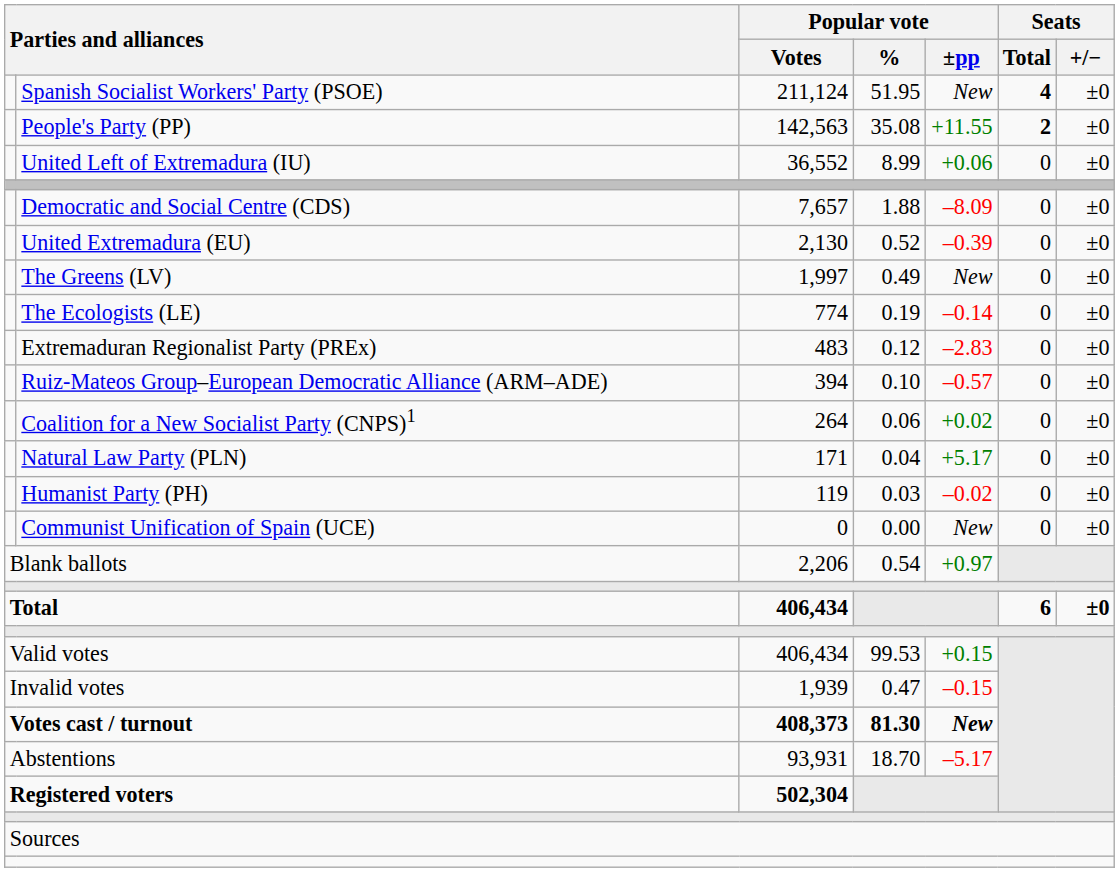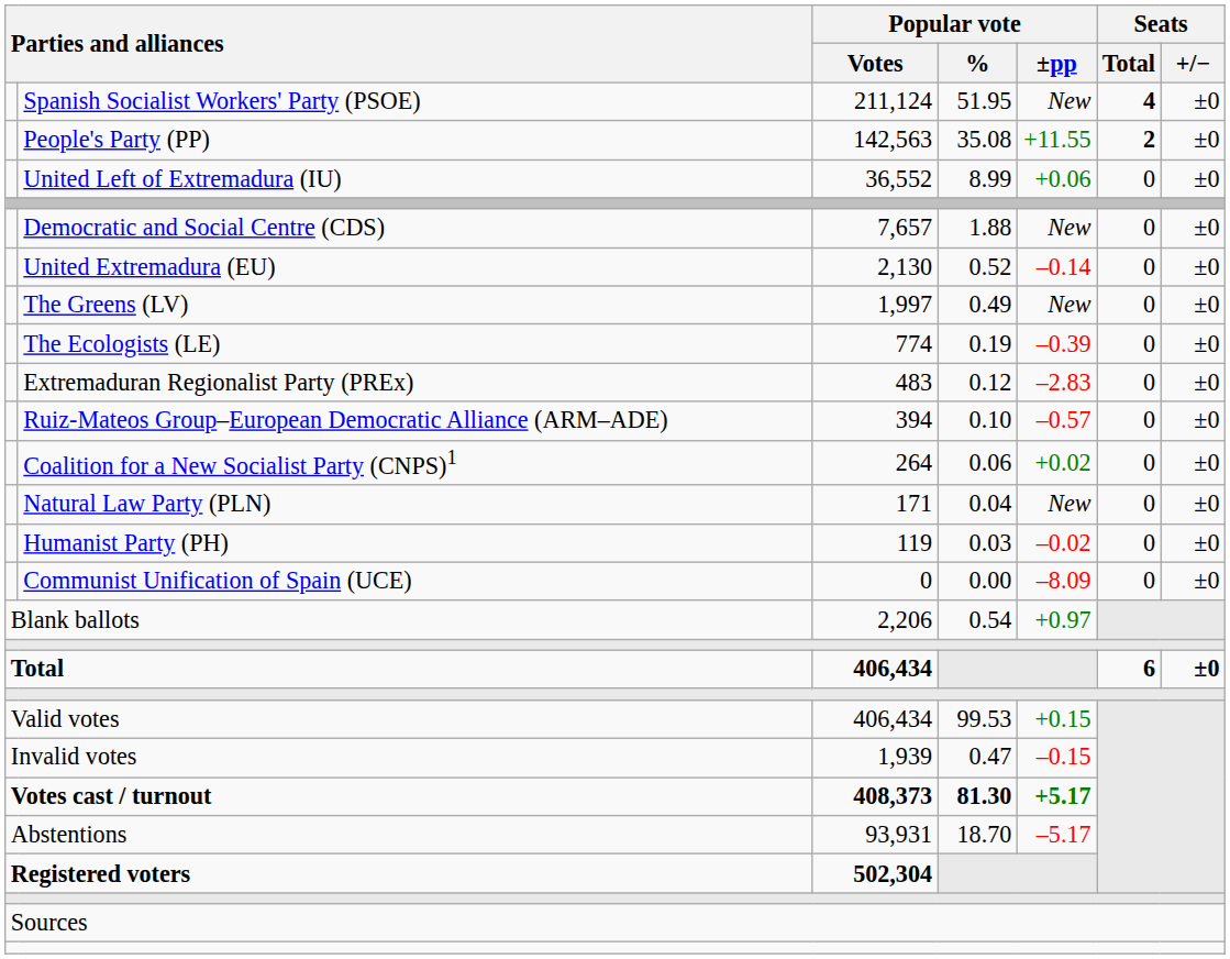 <table class="wikitable" style="text-align:right;">
 <tr>
 <th style="text-align:left;" rowspan="2" colspan="2" width="525">Parties and alliances</th>
 <th colspan="3">Popular vote</th>
 <th colspan="2">Seats</th>
 </tr>
 <tr>
 <th width="75">Votes</th>
 <th width="45">%</th>
 <th width="45">±<a href='#'>pp</a></th>
 <th width="35">Total</th>
 <th width="35">+/−</th>
 </tr>
 <tr>
 <td width="1" style="color:inherit;background:"></td>
 <td align="left"><a href='#'>Spanish Socialist Workers' Party</a> (PSOE)</td>
 <td>211,124</td>
 <td>51.95</td>
 <td><em>New</em></td>
 <td><strong>4</strong></td>
 <td>±0</td>
 </tr>
 <tr>
 <td style="color:inherit;background:"></td>
 <td align="left"><a href='#'>People's Party</a> (PP)</td>
 <td>142,563</td>
 <td>35.08</td>
 <td style="color:green;">+11.55</td>
 <td><strong>2</strong></td>
 <td>±0</td>
 </tr>
 <tr>
 <td style="color:inherit;background:"></td>
 <td align="left"><a href='#'>United Left of Extremadura</a> (IU)</td>
 <td>36,552</td>
 <td>8.99</td>
 <td style="color:green;">+0.06</td>
 <td>0</td>
 <td>±0</td>
 </tr>
 <tr>
 <td colspan="7" bgcolor="#C0C0C0"></td>
 </tr>
 <tr>
 <td style="color:inherit;background:"></td>
 <td align="left"><a href='#'>Democratic and Social Centre</a> (CDS)</td>
 <td>7,657</td>
 <td>1.88</td>
-<td style="color:red;">–8.09</td>
+<td><em>New</em></td>
 <td>0</td>
 <td>±0</td>
 </tr>
 <tr>
 <td style="color:inherit;background:"></td>
 <td align="left"><a href='#'>United Extremadura</a> (EU)</td>
 <td>2,130</td>
 <td>0.52</td>
-<td style="color:red;">–0.39</td>
+<td style="color:red;">–0.14</td>
 <td>0</td>
 <td>±0</td>
 </tr>
 <tr>
 <td style="color:inherit;background:"></td>
 <td align="left"><a href='#'>The Greens</a> (LV)</td>
 <td>1,997</td>
 <td>0.49</td>
 <td><em>New</em></td>
 <td>0</td>
 <td>±0</td>
 </tr>
 <tr>
 <td style="color:inherit;background:"></td>
 <td align="left"><a href='#'>The Ecologists</a> (LE)</td>
 <td>774</td>
 <td>0.19</td>
-<td style="color:red;">–0.14</td>
+<td style="color:red;">–0.39</td>
 <td>0</td>
 <td>±0</td>
 </tr>
 <tr>
 <td style="color:inherit;background:"></td>
 <td align="left">Extremaduran Regionalist Party (PREx)</td>
 <td>483</td>
 <td>0.12</td>
 <td style="color:red;">–2.83</td>
 <td>0</td>
 <td>±0</td>
 </tr>
 <tr>
 <td style="color:inherit;background:"></td>
 <td align="left"><a href='#'>Ruiz-Mateos Group</a>–<a href='#'>European Democratic Alliance</a> (ARM–ADE)</td>
 <td>394</td>
 <td>0.10</td>
 <td style="color:red;">–0.57</td>
 <td>0</td>
 <td>±0</td>
 </tr>
 <tr>
 <td style="color:inherit;background:"></td>
 <td align="left"><a href='#'>Coalition for a New Socialist Party</a> (CNPS)<sup>1</sup></td>
 <td>264</td>
 <td>0.06</td>
 <td style="color:green;">+0.02</td>
 <td>0</td>
 <td>±0</td>
 </tr>
 <tr>
 <td style="color:inherit;background:"></td>
 <td align="left"><a href='#'>Natural Law Party</a> (PLN)</td>
 <td>171</td>
 <td>0.04</td>
-<td style="color:green;">+5.17</td>
+<td><em>New</em></td>
 <td>0</td>
 <td>±0</td>
 </tr>
 <tr>
 <td style="color:inherit;background:"></td>
 <td align="left"><a href='#'>Humanist Party</a> (PH)</td>
 <td>119</td>
 <td>0.03</td>
 <td style="color:red;">–0.02</td>
 <td>0</td>
 <td>±0</td>
 </tr>
 <tr>
 <td style="color:inherit;background:"></td>
 <td align="left"><a href='#'>Communist Unification of Spain</a> (UCE)</td>
 <td>0</td>
 <td>0.00</td>
-<td><em>New</em></td>
+<td style="color:red;">–8.09</td>
 <td>0</td>
 <td>±0</td>
 </tr>
 <tr>
 <td align="left" colspan="2">Blank ballots</td>
 <td>2,206</td>
 <td>0.54</td>
 <td style="color:green;">+0.97</td>
 <td bgcolor="#E9E9E9" colspan="2"></td>
 </tr>
 <tr>
 <td colspan="7" bgcolor="#E9E9E9"></td>
 </tr>
 <tr style="font-weight:bold;">
 <td align="left" colspan="2">Total</td>
 <td>406,434</td>
 <td bgcolor="#E9E9E9" colspan="2"></td>
 <td>6</td>
 <td>±0</td>
 </tr>
 <tr>
 <td colspan="7" bgcolor="#E9E9E9"></td>
 </tr>
 <tr>
 <td align="left" colspan="2">Valid votes</td>
 <td>406,434</td>
 <td>99.53</td>
 <td style="color:green;">+0.15</td>
 <td bgcolor="#E9E9E9" colspan="2" rowspan="5"></td>
 </tr>
 <tr>
 <td align="left" colspan="2">Invalid votes</td>
 <td>1,939</td>
 <td>0.47</td>
 <td style="color:red;">–0.15</td>
 </tr>
 <tr style="font-weight:bold;">
 <td align="left" colspan="2">Votes cast / turnout</td>
 <td>408,373</td>
 <td>81.30</td>
-<td><em>New</em></td>
+<td style="color:green;">+5.17</td>
 </tr>
 <tr>
 <td align="left" colspan="2">Abstentions</td>
 <td>93,931</td>
 <td>18.70</td>
 <td style="color:red;">–5.17</td>
 </tr>
 <tr style="font-weight:bold;">
 <td align="left" colspan="2">Registered voters</td>
 <td>502,304</td>
 <td bgcolor="#E9E9E9" colspan="2"></td>
 </tr>
 <tr>
 <td colspan="7" bgcolor="#E9E9E9"></td>
 </tr>
 <tr>
 <td align="left" colspan="7">Sources</td>
 </tr>
 <tr>
 <td colspan="7" style="text-align:left; max-width:790px;"></td>
 </tr>
 </table>
